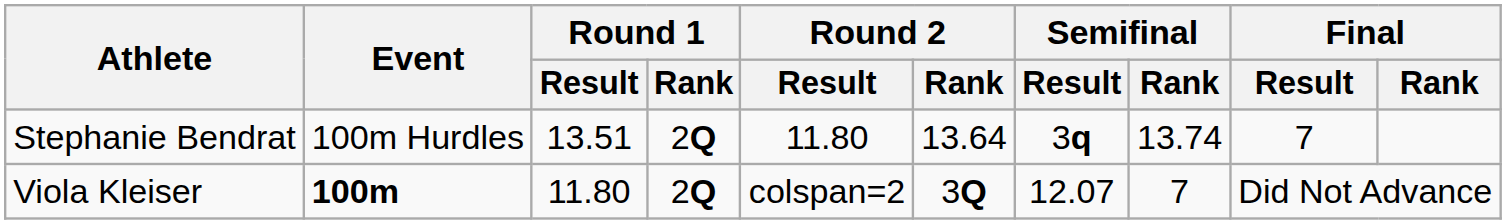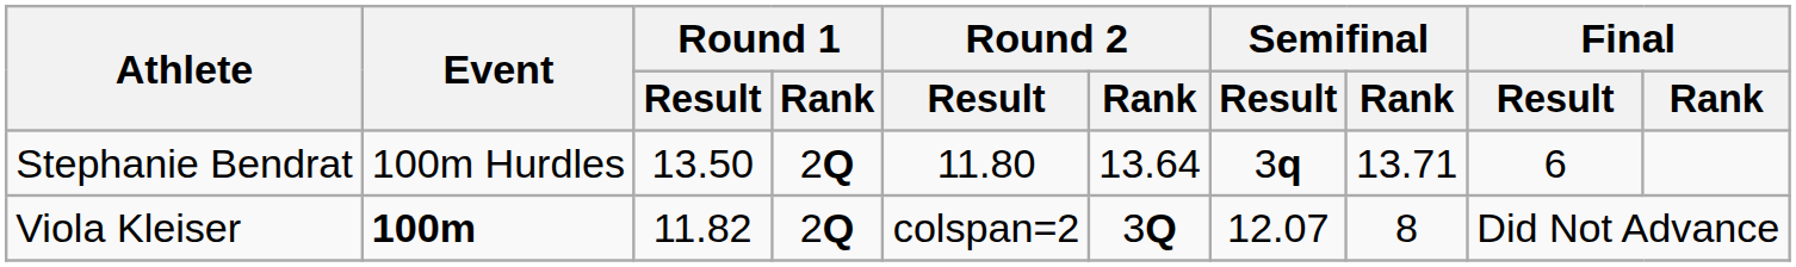 <table class="wikitable" style="font-size:90%">
 <tr>
 <th rowspan="2">Athlete</th>
 <th rowspan="2">Event</th>
 <th colspan="2">Round 1</th>
 <th colspan="2">Round 2</th>
 <th colspan="2">Semifinal</th>
 <th colspan="2">Final</th>
 </tr>
 <tr style="font-size:95%">
 <th>Result</th>
 <th>Rank</th>
 <th>Result</th>
 <th>Rank</th>
 <th>Result</th>
 <th>Rank</th>
 <th>Result</th>
 <th>Rank</th>
 </tr>
 <tr align=center>
 <td align=left>Stephanie Bendrat</td>
 <td align=left>100m Hurdles</td>
-<td>13.51</td>
+<td>13.50</td>
 <td>2<strong>Q</strong></td>
 <td>11.80</td>
 <td>13.64</td>
 <td>3<strong>q</strong></td>
-<td>13.74</td>
-<td>7</td>
+<td>13.71</td>
+<td>6</td>
 </tr>
 <tr align=center>
 <td align=left rowspan=2>Viola Kleiser</td>
 <td align=left><strong>100m</strong></td>
-<td>11.80</td>
+<td>11.82</td>
 <td>2<strong>Q</strong></td>
 <td>colspan=2 </td>
 <td>3<strong>Q</strong></td>
 <td>12.07</td>
-<td>7</td>
+<td>8</td>
 <td colspan=2>Did Not Advance</td>
 </tr>
 </table>
